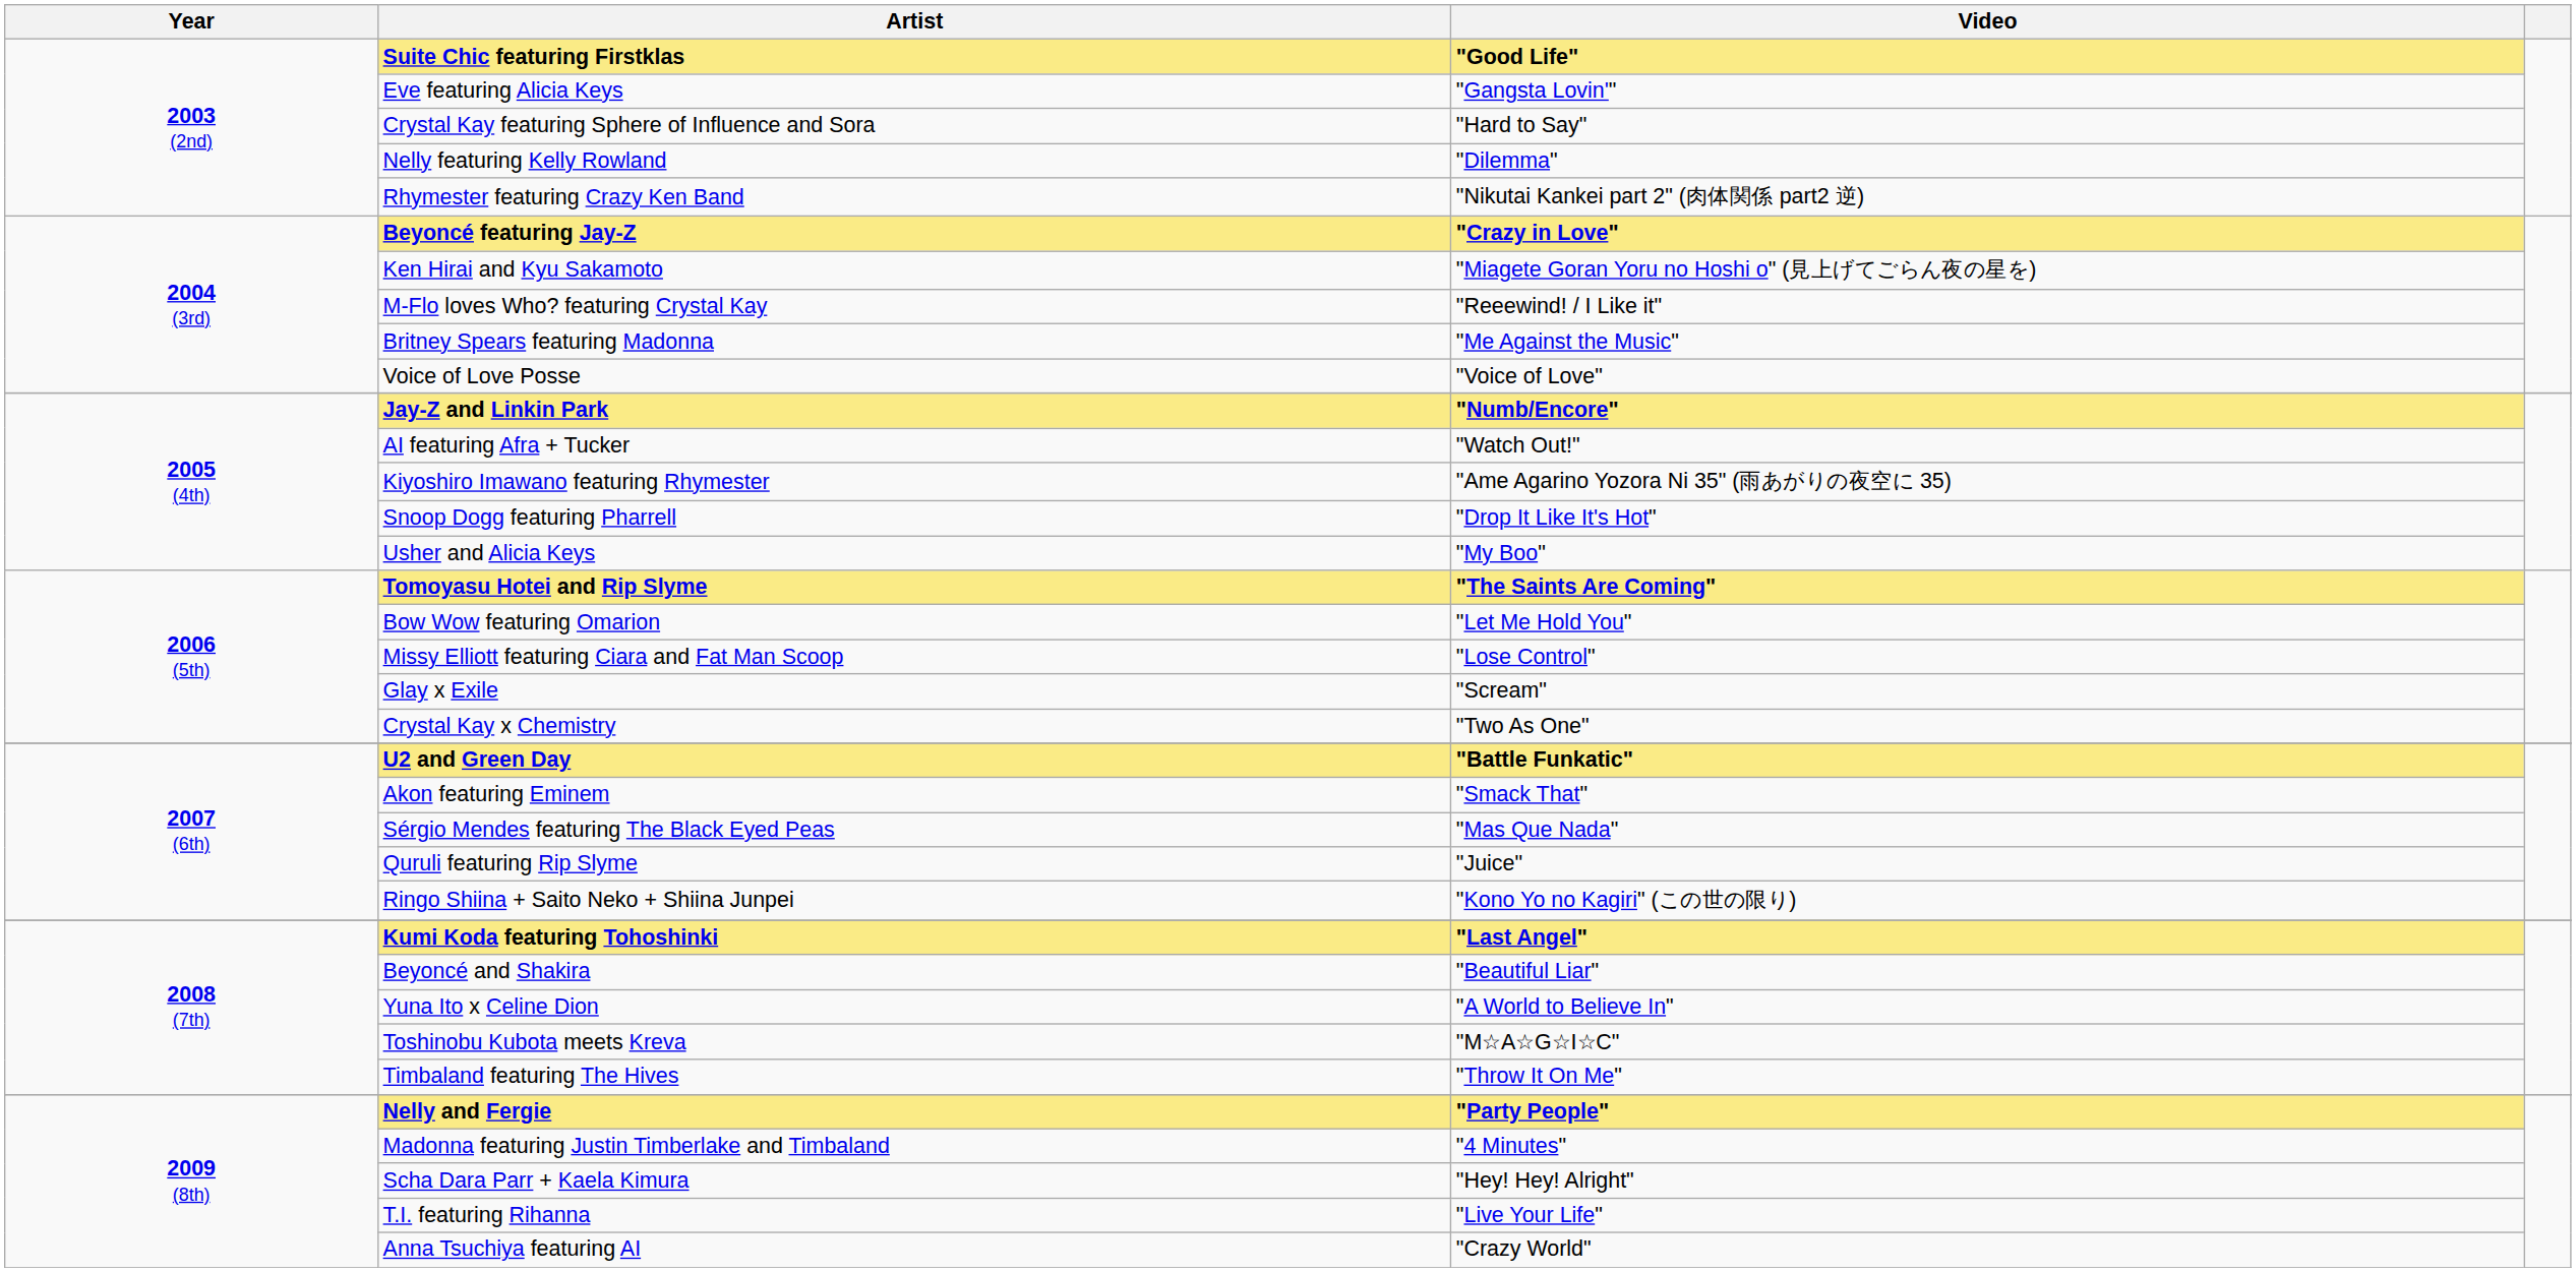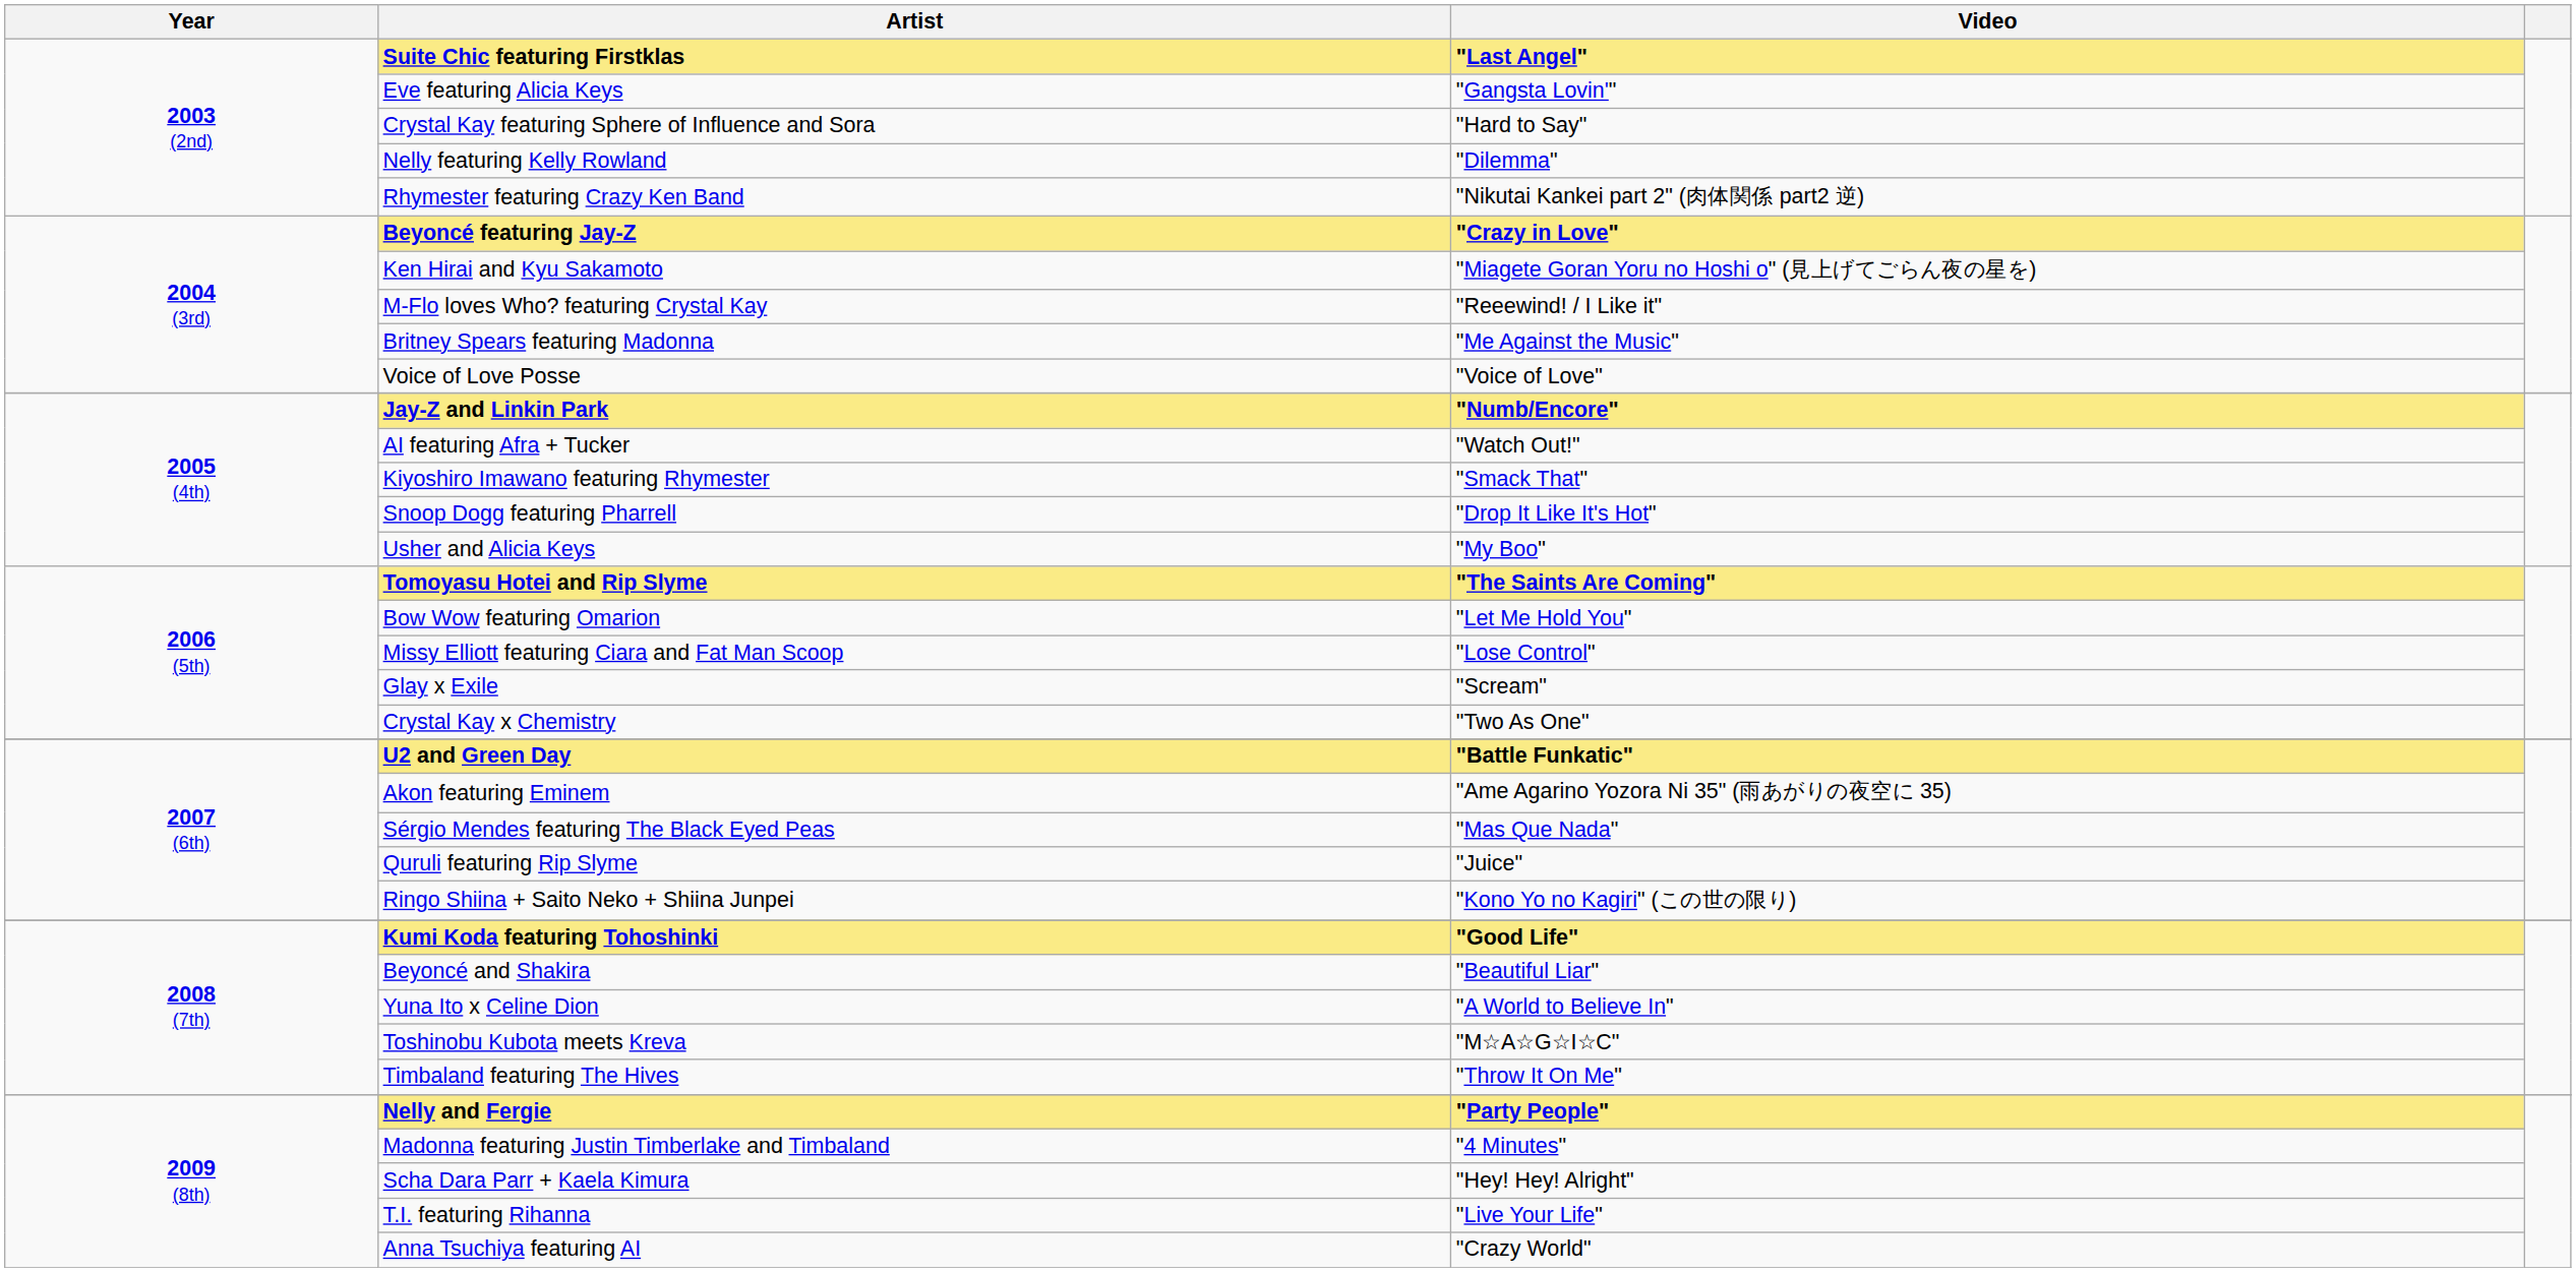 <table class="sortable wikitable">
 <tr>
 <th width="8%">Year</th>
 <th width="23%">Artist</th>
 <th width="23%">Video</th>
 <th width="1%"></th>
 </tr>
 <tr>
 <td rowspan=5 style="text-align:center"><strong><a href='#'>2003</a></strong><br><small><a href='#'>(2nd)</a></small></td>
 <td style="background:#FAEB86"><strong><a href='#'>Suite Chic</a> featuring Firstklas</strong></td>
-<td style="background:#FAEB86"><strong>"Good Life"</strong></td>
+<td style="background:#FAEB86"><strong>"<a href='#'>Last Angel</a>"</strong></td>
 <td rowspan=5 style="text-align:center"></td>
 </tr>
 <tr>
 <td><a href='#'>Eve</a> featuring <a href='#'>Alicia Keys</a></td>
 <td>"<a href='#'>Gangsta Lovin'</a>"</td>
 </tr>
 <tr>
 <td><a href='#'>Crystal Kay</a> featuring Sphere of Influence and Sora</td>
 <td>"Hard to Say"</td>
 </tr>
 <tr>
 <td><a href='#'>Nelly</a> featuring <a href='#'>Kelly Rowland</a></td>
 <td>"<a href='#'>Dilemma</a>"</td>
 </tr>
 <tr>
 <td><a href='#'>Rhymester</a> featuring <a href='#'>Crazy Ken Band</a></td>
 <td>"Nikutai Kankei part 2" (肉体関係 part2 逆)</td>
 </tr>
 <tr>
 <td rowspan=5 style="text-align:center"><strong><a href='#'>2004</a></strong><br><small><a href='#'>(3rd)</a></small></td>
 <td style="background:#FAEB86"><strong><a href='#'>Beyoncé</a> featuring <a href='#'>Jay-Z</a></strong></td>
 <td style="background:#FAEB86"><strong>"<a href='#'>Crazy in Love</a>"</strong></td>
 <td rowspan=5 style="text-align:center"></td>
 </tr>
 <tr>
 <td><a href='#'>Ken Hirai</a> and <a href='#'>Kyu Sakamoto</a></td>
 <td>"<a href='#'>Miagete Goran Yoru no Hoshi o</a>" (見上げてごらん夜の星を)</td>
 </tr>
 <tr>
 <td><a href='#'>M-Flo</a> loves Who? featuring <a href='#'>Crystal Kay</a></td>
 <td>"Reeewind! / I Like it"</td>
 </tr>
 <tr>
 <td><a href='#'>Britney Spears</a> featuring <a href='#'>Madonna</a></td>
 <td>"<a href='#'>Me Against the Music</a>"</td>
 </tr>
 <tr>
 <td>Voice of Love Posse</td>
 <td>"Voice of Love"</td>
 </tr>
 <tr>
 </tr>
 <tr>
 <td rowspan=5 style="text-align:center"><strong><a href='#'>2005</a></strong><br><small><a href='#'>(4th)</a></small></td>
 <td style="background:#FAEB86"><strong><a href='#'>Jay-Z</a> and <a href='#'>Linkin Park</a></strong></td>
 <td style="background:#FAEB86"><strong>"<a href='#'>Numb/Encore</a>"</strong></td>
 <td rowspan=5 style="text-align:center"></td>
 </tr>
 <tr>
 <td><a href='#'>AI</a> featuring <a href='#'>Afra</a> + Tucker</td>
 <td>"Watch Out!"</td>
 </tr>
 <tr>
 <td><a href='#'>Kiyoshiro Imawano</a> featuring <a href='#'>Rhymester</a></td>
-<td>"Ame Agarino Yozora Ni 35" (雨あがりの夜空に 35)</td>
+<td>"<a href='#'>Smack That</a>"</td>
 </tr>
 <tr>
 <td><a href='#'>Snoop Dogg</a> featuring <a href='#'>Pharrell</a></td>
 <td>"<a href='#'>Drop It Like It's Hot</a>"</td>
 </tr>
 <tr>
 <td><a href='#'>Usher</a> and <a href='#'>Alicia Keys</a></td>
 <td>"<a href='#'>My Boo</a>"</td>
 </tr>
 <tr>
 <td rowspan=5 style="text-align:center"><strong><a href='#'>2006</a></strong><br><small><a href='#'>(5th)</a></small></td>
 <td style="background:#FAEB86"><strong><a href='#'>Tomoyasu Hotei</a> and <a href='#'>Rip Slyme</a></strong></td>
 <td style="background:#FAEB86"><strong>"<a href='#'>The Saints Are Coming</a>"</strong></td>
 <td rowspan=5 style="text-align:center"></td>
 </tr>
 <tr>
 <td><a href='#'>Bow Wow</a> featuring <a href='#'>Omarion</a></td>
 <td>"<a href='#'>Let Me Hold You</a>"</td>
 </tr>
 <tr>
 <td><a href='#'>Missy Elliott</a> featuring <a href='#'>Ciara</a> and <a href='#'>Fat Man Scoop</a></td>
 <td>"<a href='#'>Lose Control</a>"</td>
 </tr>
 <tr>
 <td><a href='#'>Glay</a> x <a href='#'>Exile</a></td>
 <td>"Scream"</td>
 </tr>
 <tr>
 <td><a href='#'>Crystal Kay</a> x <a href='#'>Chemistry</a></td>
 <td>"Two As One"</td>
 </tr>
 <tr>
 </tr>
 <tr>
 <td rowspan=5 style="text-align:center"><strong><a href='#'>2007</a></strong><br><small><a href='#'>(6th)</a></small></td>
 <td style="background:#FAEB86"><strong><a href='#'>U2</a> and <a href='#'>Green Day</a></strong></td>
 <td style="background:#FAEB86"><strong>"Battle Funkatic"</strong></td>
 <td rowspan=5 style="text-align:center"></td>
 </tr>
 <tr>
 <td><a href='#'>Akon</a> featuring <a href='#'>Eminem</a></td>
-<td>"<a href='#'>Smack That</a>"</td>
+<td>"Ame Agarino Yozora Ni 35" (雨あがりの夜空に 35)</td>
 </tr>
 <tr>
 <td><a href='#'>Sérgio Mendes</a> featuring <a href='#'>The Black Eyed Peas</a></td>
 <td>"<a href='#'>Mas Que Nada</a>"</td>
 </tr>
 <tr>
 <td><a href='#'>Quruli</a> featuring <a href='#'>Rip Slyme</a></td>
 <td>"Juice"</td>
 </tr>
 <tr>
 <td><a href='#'>Ringo Shiina</a> + Saito Neko + Shiina Junpei</td>
 <td>"<a href='#'>Kono Yo no Kagiri</a>" (この世の限り)</td>
 </tr>
 <tr>
 </tr>
 <tr>
 <td rowspan=5 style="text-align:center"><strong><a href='#'>2008</a></strong><br><small><a href='#'>(7th)</a></small></td>
 <td style="background:#FAEB86"><strong><a href='#'>Kumi Koda</a> featuring <a href='#'>Tohoshinki</a></strong></td>
-<td style="background:#FAEB86"><strong>"<a href='#'>Last Angel</a>"</strong></td>
+<td style="background:#FAEB86"><strong>"Good Life"</strong></td>
 <td rowspan=5 style="text-align:center"></td>
 </tr>
 <tr>
 <td><a href='#'>Beyoncé</a> and <a href='#'>Shakira</a></td>
 <td>"<a href='#'>Beautiful Liar</a>"</td>
 </tr>
 <tr>
 <td><a href='#'>Yuna Ito</a> x <a href='#'>Celine Dion</a></td>
 <td>"<a href='#'>A World to Believe In</a>"</td>
 </tr>
 <tr>
 <td><a href='#'>Toshinobu Kubota</a> meets <a href='#'>Kreva</a></td>
 <td>"M☆A☆G☆I☆C"</td>
 </tr>
 <tr>
 <td><a href='#'>Timbaland</a> featuring <a href='#'>The Hives</a></td>
 <td>"<a href='#'>Throw It On Me</a>"</td>
 </tr>
 <tr>
 </tr>
 <tr>
 <td rowspan=5 style="text-align:center"><strong><a href='#'>2009</a></strong><br><small><a href='#'>(8th)</a></small></td>
 <td style="background:#FAEB86"><strong><a href='#'>Nelly</a> and <a href='#'>Fergie</a></strong></td>
 <td style="background:#FAEB86"><strong>"<a href='#'>Party People</a>"</strong></td>
 <td rowspan=5 style="text-align:center"></td>
 </tr>
 <tr>
 <td><a href='#'>Madonna</a> featuring <a href='#'>Justin Timberlake</a> and <a href='#'>Timbaland</a></td>
 <td>"<a href='#'>4 Minutes</a>"</td>
 </tr>
 <tr>
 <td><a href='#'>Scha Dara Parr</a> + <a href='#'>Kaela Kimura</a></td>
 <td>"Hey! Hey! Alright"</td>
 </tr>
 <tr>
 <td><a href='#'>T.I.</a> featuring <a href='#'>Rihanna</a></td>
 <td>"<a href='#'>Live Your Life</a>"</td>
 </tr>
 <tr>
 <td><a href='#'>Anna Tsuchiya</a> featuring <a href='#'>AI</a></td>
 <td>"Crazy World"</td>
 </tr>
 </table>
